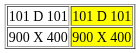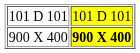 <table border="1" style="margin:1em auto;">
 <tr size="40"  style="font-size:14pt; text-align:center; color:black;">
 <td style="background:white; ">101 D 101</td>
 <td style="background:yellow; ">101 D 101</td>
 </tr>
 <tr style="font-size:14pt; text-align:center; color:black;">
 <td style="background:white; ">900 X 400</td>
-<td style="background:yellow; ">900 X 400</td>
+<td style="background:yellow; "><strong>900 X 400</strong></td>
 </tr>
 </table>
